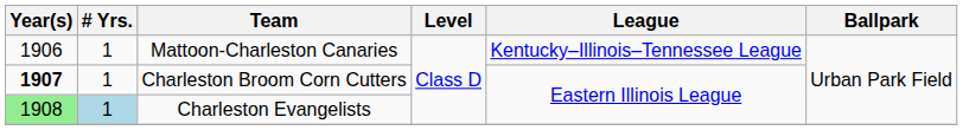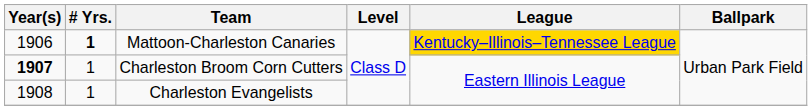 <table class="wikitable" style="text-align:center; font-size: 95%;">
 <tr>
 <th>Year(s)</th>
 <th># Yrs.</th>
 <th>Team</th>
 <th>Level</th>
 <th>League</th>
 <th>Ballpark</th>
 </tr>
 <tr>
 <td>1906</td>
-<td>1</td>
+<td><strong>1</strong></td>
 <td>Mattoon-Charleston Canaries</td>
 <td rowspan=3><a href='#'>Class D</a></td>
-<td><a href='#'>Kentucky–Illinois–Tennessee League</a></td>
+<td style="background: gold;"><a href='#'>Kentucky–Illinois–Tennessee League</a></td>
 <td rowspan=3>Urban Park Field</td>
 </tr>
 <tr>
 <td><strong>1907</strong></td>
 <td>1</td>
 <td>Charleston Broom Corn Cutters</td>
 <td rowspan=2><a href='#'>Eastern Illinois League</a></td>
 </tr>
 <tr>
-<td style="background: lightgreen;">1908</td>
-<td style="background: lightblue;">1</td>
+<td>1908</td>
+<td>1</td>
 <td>Charleston Evangelists</td>
 </tr>
 <tr>
 </tr>
 </table>
